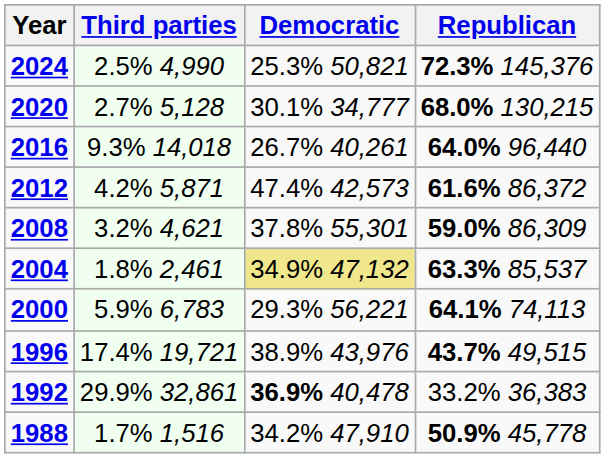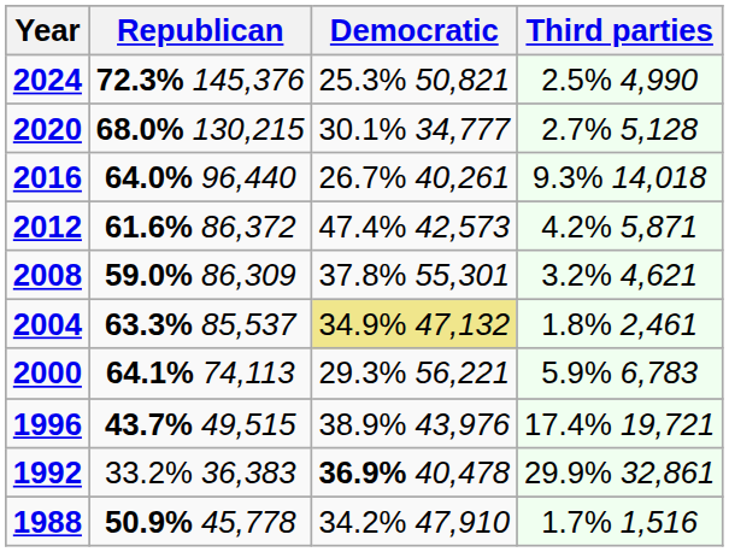 <table class="wikitable" style="font-size:95%;">
 <tr bgcolor=lightgrey>
 <th>Year</th>
+<th><a href='#'>Republican</a></th>
+<th><a href='#'>Democratic</a></th>
 <th><a href='#'>Third parties</a></th>
-<th><a href='#'>Democratic</a></th>
-<th><a href='#'>Republican</a></th>
 </tr>
 <tr>
 <td style="text-align:center; "><strong><a href='#'>2024</a></strong></td>
+<td style="text-align:center; "><strong>72.3%</strong> <em>145,376</em></td>
+<td style="text-align:center; ">25.3% <em>50,821</em></td>
 <td style="text-align:center; background:honeyDew;">2.5% <em>4,990</em></td>
-<td style="text-align:center; ">25.3% <em>50,821</em></td>
-<td style="text-align:center; "><strong>72.3%</strong> <em>145,376</em></td>
 </tr>
 <tr>
 <td style="text-align:center; "><strong><a href='#'>2020</a></strong></td>
+<td style="text-align:center; "><strong>68.0%</strong> <em>130,215</em></td>
+<td style="text-align:center; ">30.1% <em>34,777</em></td>
 <td style="text-align:center; background:honeyDew;">2.7% <em>5,128</em></td>
-<td style="text-align:center; ">30.1% <em>34,777</em></td>
-<td style="text-align:center; "><strong>68.0%</strong> <em>130,215</em></td>
 </tr>
 <tr>
 <td style="text-align:center; "><strong><a href='#'>2016</a></strong></td>
+<td style="text-align:center; "><strong>64.0%</strong> <em>96,440</em></td>
+<td style="text-align:center; ">26.7% <em>40,261</em></td>
 <td style="text-align:center; background:honeyDew;">9.3% <em>14,018</em></td>
-<td style="text-align:center; ">26.7% <em>40,261</em></td>
-<td style="text-align:center; "><strong>64.0%</strong> <em>96,440</em></td>
 </tr>
 <tr>
 <td style="text-align:center; "><strong><a href='#'>2012</a></strong></td>
+<td style="text-align:center; "><strong>61.6%</strong> <em>86,372</em></td>
+<td style="text-align:center; ">47.4% <em>42,573</em></td>
 <td style="text-align:center; background:honeyDew;">4.2% <em>5,871</em></td>
-<td style="text-align:center; ">47.4% <em>42,573</em></td>
-<td style="text-align:center; "><strong>61.6%</strong> <em>86,372</em></td>
 </tr>
 <tr>
 <td style="text-align:center; "><strong><a href='#'>2008</a></strong></td>
+<td style="text-align:center; "><strong>59.0%</strong> <em>86,309</em></td>
+<td style="text-align:center; ">37.8% <em>55,301</em></td>
 <td style="text-align:center; background:honeyDew;">3.2% <em>4,621</em></td>
-<td style="text-align:center; ">37.8% <em>55,301</em></td>
-<td style="text-align:center; "><strong>59.0%</strong> <em>86,309</em></td>
 </tr>
 <tr>
 <td style="text-align:center; "><strong><a href='#'>2004</a></strong></td>
+<td style="text-align:center; "><strong>63.3%</strong> <em>85,537</em></td>
+<td style="background: khaki; text-align:center; ">34.9% <em>47,132</em></td>
 <td style="text-align:center; background:honeyDew;">1.8% <em>2,461</em></td>
-<td style="background: khaki; text-align:center; ">34.9% <em>47,132</em></td>
-<td style="text-align:center; "><strong>63.3%</strong> <em>85,537</em></td>
 </tr>
 <tr>
 <td style="text-align:center; "><strong><a href='#'>2000</a></strong></td>
+<td style="text-align:center; "><strong>64.1%</strong> <em>74,113</em></td>
+<td style="text-align:center; ">29.3% <em>56,221</em></td>
 <td style="text-align:center; background:honeyDew;">5.9% <em>6,783</em></td>
-<td style="text-align:center; ">29.3% <em>56,221</em></td>
-<td style="text-align:center; "><strong>64.1%</strong> <em>74,113</em></td>
 </tr>
 <tr>
 <td style="text-align:center; "><strong><a href='#'>1996</a></strong></td>
+<td style="text-align:center; "><strong>43.7%</strong> <em>49,515</em></td>
+<td style="text-align:center; ">38.9% <em>43,976</em></td>
 <td style="text-align:center; background:honeyDew;">17.4% <em>19,721</em></td>
-<td style="text-align:center; ">38.9% <em>43,976</em></td>
-<td style="text-align:center; "><strong>43.7%</strong> <em>49,515</em></td>
 </tr>
 <tr>
 <td style="text-align:center; "><strong><a href='#'>1992</a></strong></td>
+<td style="text-align:center; ">33.2% <em>36,383</em></td>
+<td style="text-align:center; "><strong>36.9%</strong> <em>40,478</em></td>
 <td style="text-align:center; background:honeyDew;">29.9% <em>32,861</em></td>
-<td style="text-align:center; "><strong>36.9%</strong> <em>40,478</em></td>
-<td style="text-align:center; ">33.2% <em>36,383</em></td>
 </tr>
 <tr>
 <td style="text-align:center; "><strong><a href='#'>1988</a></strong></td>
+<td style="text-align:center; "><strong>50.9%</strong> <em>45,778</em></td>
+<td style="text-align:center; ">34.2% <em>47,910</em></td>
 <td style="text-align:center; background:honeyDew;">1.7% <em>1,516</em></td>
-<td style="text-align:center; ">34.2% <em>47,910</em></td>
-<td style="text-align:center; "><strong>50.9%</strong> <em>45,778</em></td>
 </tr>
 </table>
